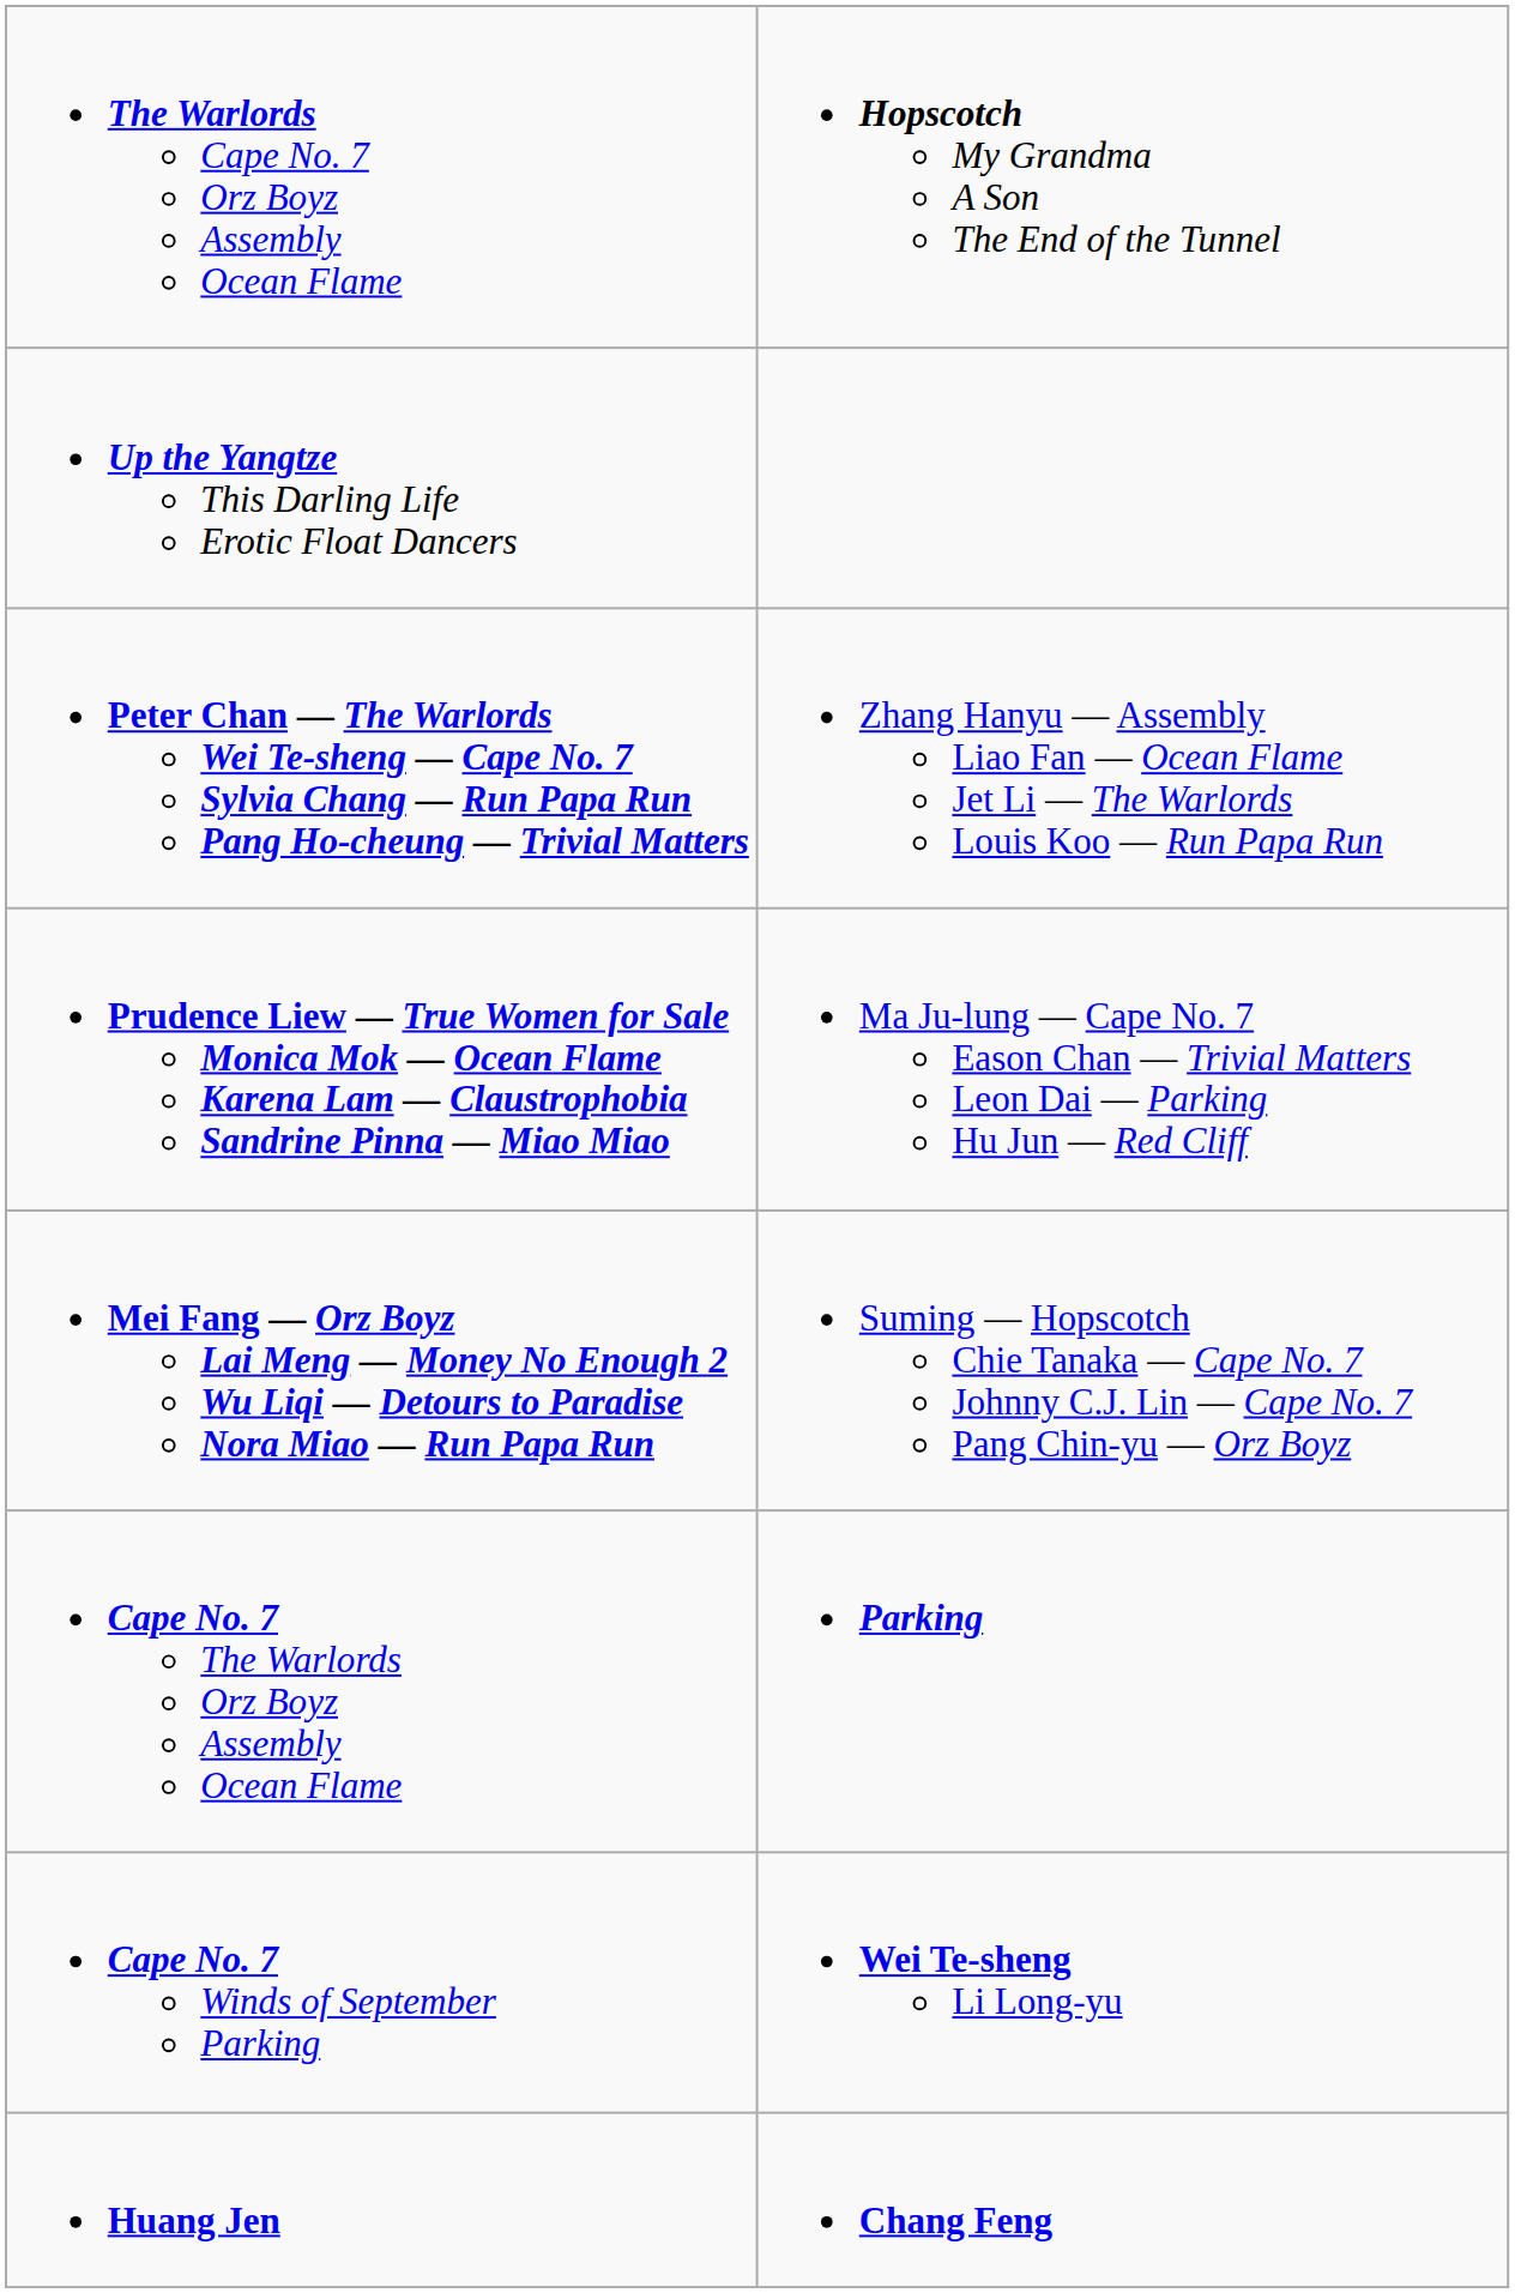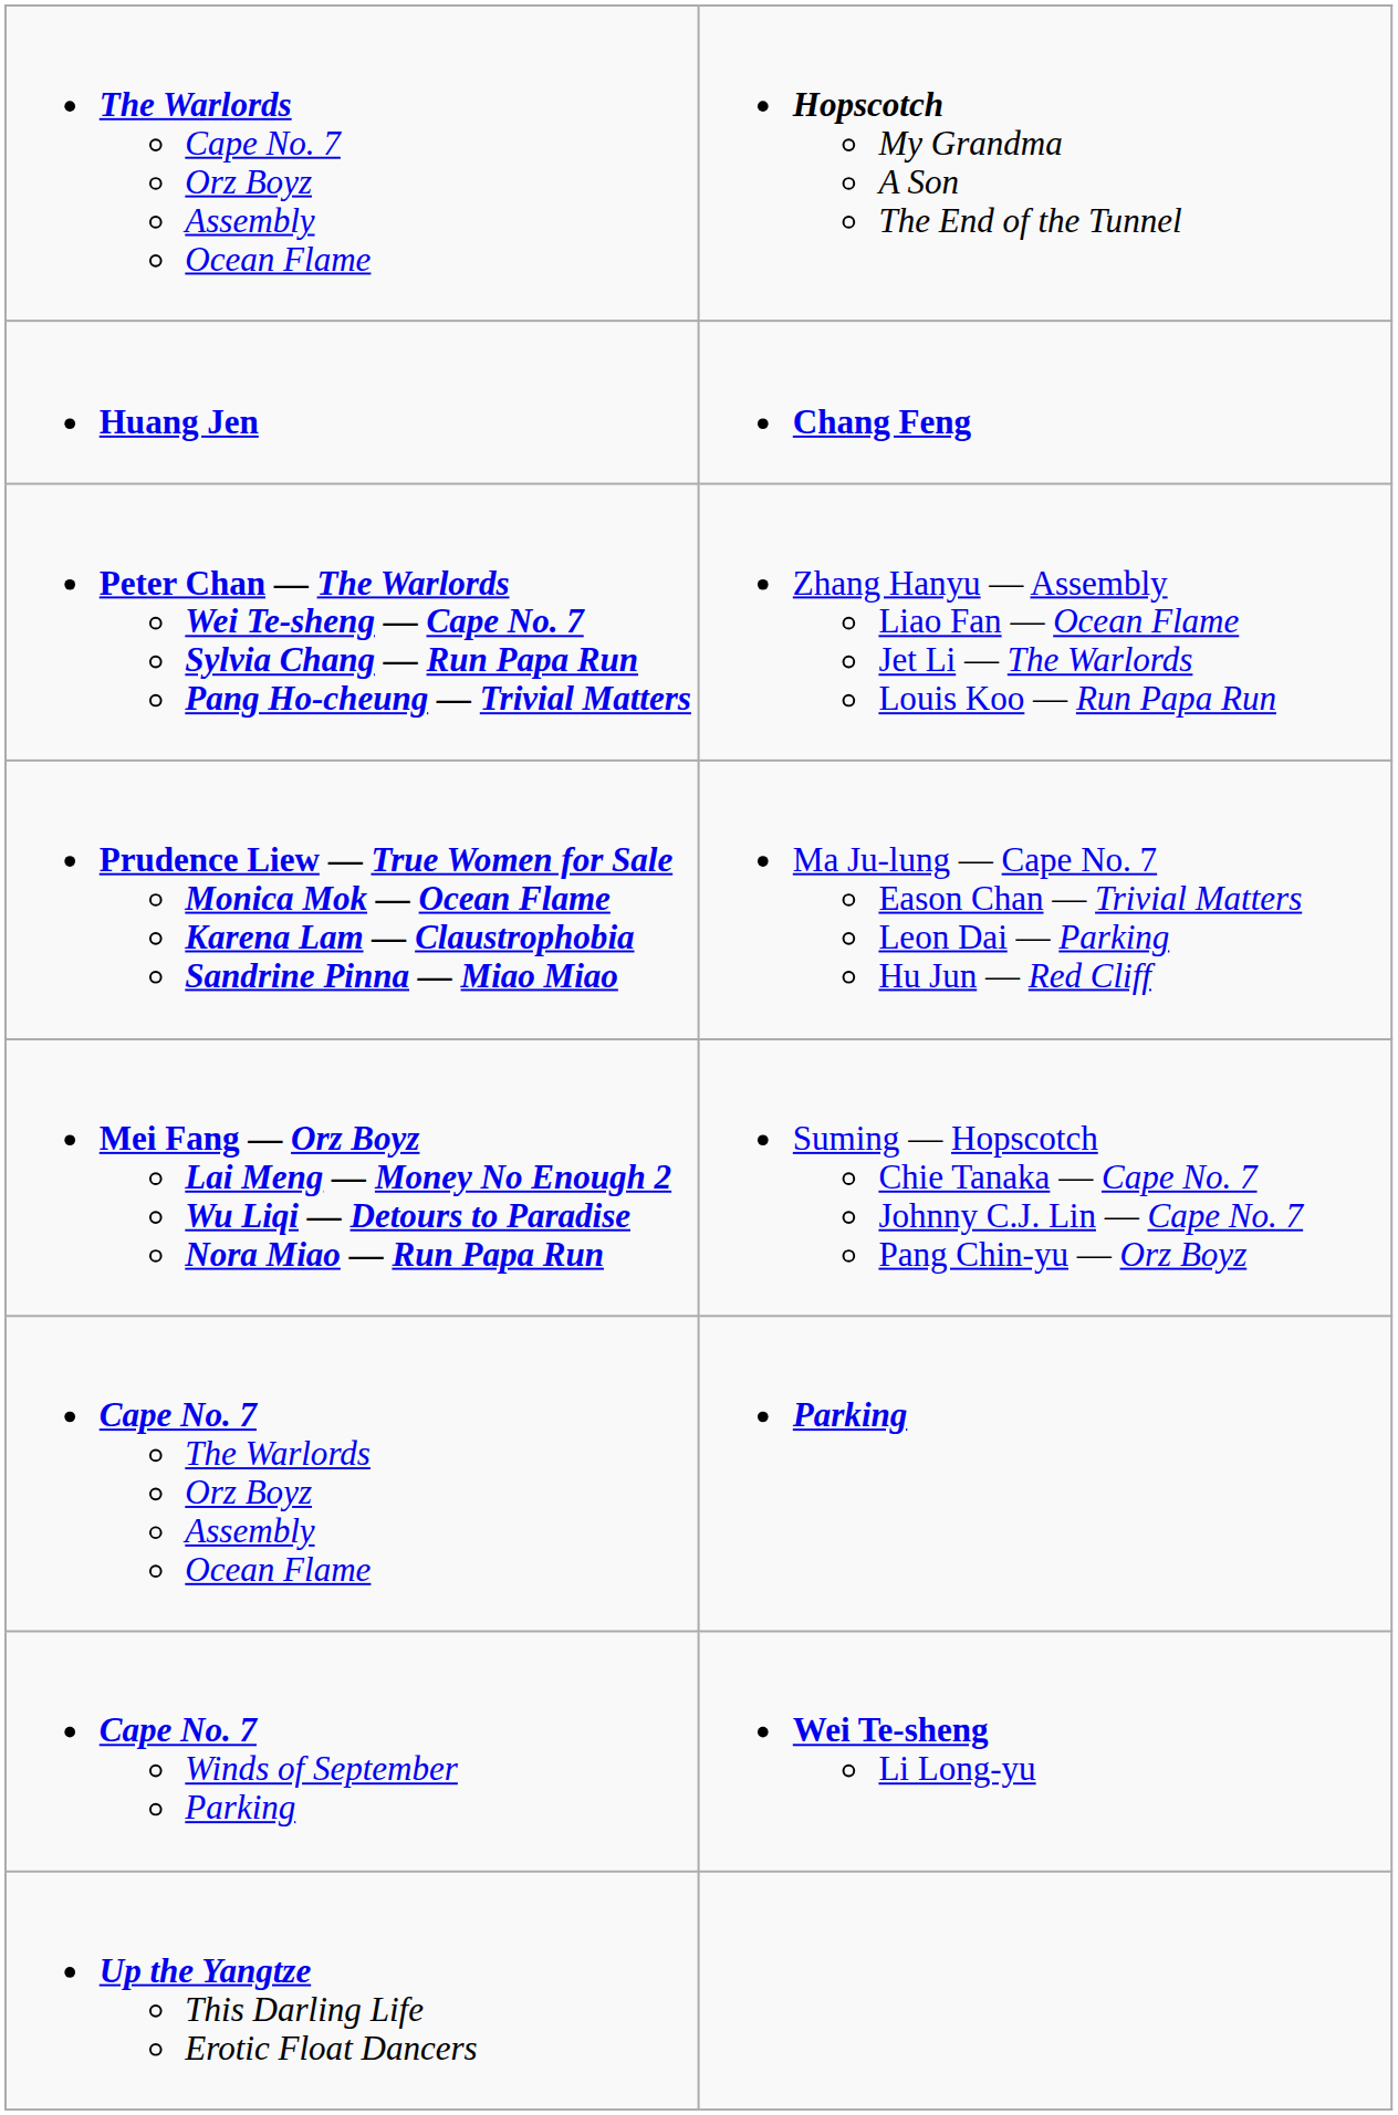 <table class=wikitable>
 <tr>
 <td valign="top" width="50%"><br><ul><li><strong><em><a href='#'>The Warlords</a></em></strong><ul><li><em><a href='#'>Cape No. 7</a></em></li><li><em><a href='#'>Orz Boyz</a></em></li><li><em><a href='#'>Assembly</a></em></li><li><em><a href='#'>Ocean Flame</a></em></li></ul></li></ul></td>
 <td valign="top" width="50%"><br><ul><li><strong><em>Hopscotch</em></strong><ul><li><em>My Grandma</em></li><li><em>A Son</em></li><li><em>The End of the Tunnel</em></li></ul></li></ul></td>
 </tr>
 <tr>
-<td valign="top" width="50%"><br><ul><li><strong><em><a href='#'>Up the Yangtze</a></em></strong><ul><li><em>This Darling Life</em></li><li><em>Erotic Float Dancers</em></li></ul></li></ul></td>
-<td valign="top" width="50%"><br> </td>
+<td valign="top" width="50%"><br><ul><li><strong><a href='#'>Huang Jen</a></strong></li></ul></td>
+<td valign="top" width="50%"><br><ul><li><strong><a href='#'>Chang Feng</a></strong></li></ul></td>
 </tr>
 <tr>
 <td valign="top" width="50%"><br><ul><li><strong><a href='#'>Peter Chan</a> — <em><a href='#'>The Warlords</a><strong><em><ul><li><a href='#'>Wei Te-sheng</a>  — </em><a href='#'>Cape No. 7</a><em></li><li><a href='#'>Sylvia Chang</a> — </em><a href='#'>Run Papa Run</a><em></li><li><a href='#'>Pang Ho-cheung</a> — </em><a href='#'>Trivial Matters</a><em></li></ul></li></ul></td>
 <td valign="top" width="50%"><br><ul><li></strong><a href='#'>Zhang Hanyu</a> — </em><a href='#'>Assembly</a></em></strong><ul><li><a href='#'>Liao Fan</a> — <em><a href='#'>Ocean Flame</a></em></li><li><a href='#'>Jet Li</a> — <em><a href='#'>The Warlords</a></em></li><li><a href='#'>Louis Koo</a> — <em><a href='#'>Run Papa Run</a></em></li></ul></li></ul></td>
 </tr>
 <tr>
 <td valign="top" width="50%"><br><ul><li><strong><a href='#'>Prudence Liew</a> — <em><a href='#'>True Women for Sale</a><strong><em><ul><li><a href='#'>Monica Mok</a> — </em><a href='#'>Ocean Flame</a><em></li><li><a href='#'>Karena Lam</a> — </em><a href='#'>Claustrophobia</a><em></li><li><a href='#'>Sandrine Pinna</a> — </em><a href='#'>Miao Miao</a><em></li></ul></li></ul></td>
 <td valign="top" width="50%"><br><ul><li></strong><a href='#'>Ma Ju-lung</a> — </em><a href='#'>Cape No. 7</a></em></strong><ul><li><a href='#'>Eason Chan</a> — <em><a href='#'>Trivial Matters</a></em></li><li><a href='#'>Leon Dai</a> — <em><a href='#'>Parking</a></em></li><li><a href='#'>Hu Jun</a> — <em><a href='#'>Red Cliff</a></em></li></ul></li></ul></td>
 </tr>
 <tr>
 <td valign="top" width="50%"><br><ul><li><strong><a href='#'>Mei Fang</a> — <em><a href='#'>Orz Boyz</a><strong><em><ul><li><a href='#'>Lai Meng</a> — </em><a href='#'>Money No Enough 2</a><em></li><li><a href='#'>Wu Liqi</a> — </em><a href='#'>Detours to Paradise</a><em></li><li><a href='#'>Nora Miao</a> — </em><a href='#'>Run Papa Run</a><em></li></ul></li></ul></td>
 <td valign="top" width="50%"><br><ul><li></strong><a href='#'>Suming</a> — </em><a href='#'>Hopscotch</a></em></strong><ul><li><a href='#'>Chie Tanaka</a> — <em><a href='#'>Cape No. 7</a></em></li><li><a href='#'>Johnny C.J. Lin</a> — <em><a href='#'>Cape No. 7</a></em></li><li><a href='#'>Pang Chin-yu</a> — <em><a href='#'>Orz Boyz</a></em></li></ul></li></ul></td>
 </tr>
 <tr>
 <td valign="top" width="50%"><br><ul><li><strong><em><a href='#'>Cape No. 7</a></em></strong><ul><li><em><a href='#'>The Warlords</a></em></li><li><em><a href='#'>Orz Boyz</a></em></li><li><em><a href='#'>Assembly</a></em></li><li><em><a href='#'>Ocean Flame</a></em></li></ul></li></ul></td>
 <td valign="top" width="50%"><br><ul><li><strong><em><a href='#'>Parking</a></em></strong></li></ul></td>
 </tr>
 <tr>
 <td valign="top" width="50%"><br><ul><li><strong><em><a href='#'>Cape No. 7</a></em></strong><ul><li><em><a href='#'>Winds of September</a></em></li><li><em><a href='#'>Parking</a></em></li></ul></li></ul></td>
 <td valign="top" width="50%"><br><ul><li><strong><a href='#'>Wei Te-sheng</a></strong><ul><li><a href='#'>Li Long-yu</a></li></ul></li></ul></td>
 </tr>
 <tr>
-<td valign="top" width="50%"><br><ul><li><strong><a href='#'>Huang Jen</a></strong></li></ul></td>
-<td valign="top" width="50%"><br><ul><li><strong><a href='#'>Chang Feng</a></strong></li></ul></td>
+<td valign="top" width="50%"><br><ul><li><strong><em><a href='#'>Up the Yangtze</a></em></strong><ul><li><em>This Darling Life</em></li><li><em>Erotic Float Dancers</em></li></ul></li></ul></td>
+<td valign="top" width="50%"><br> </td>
 </tr>
 </table>
